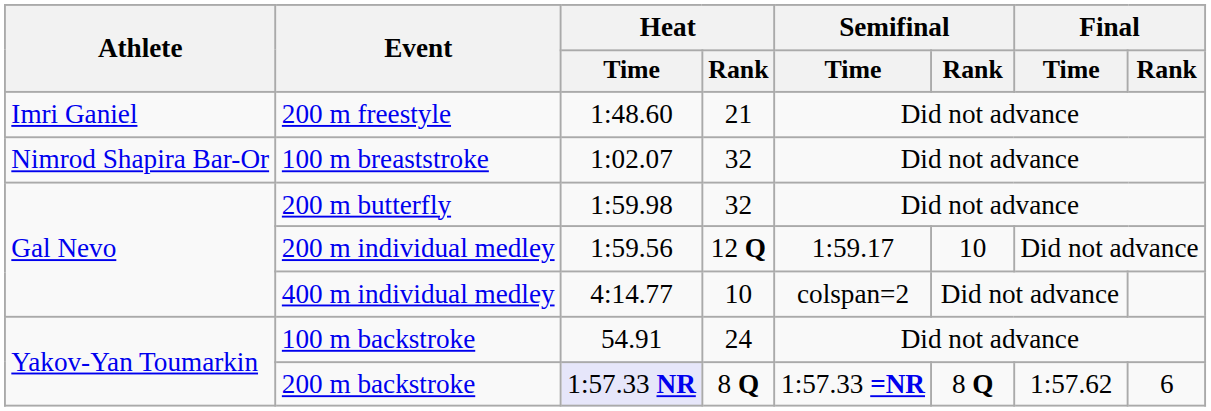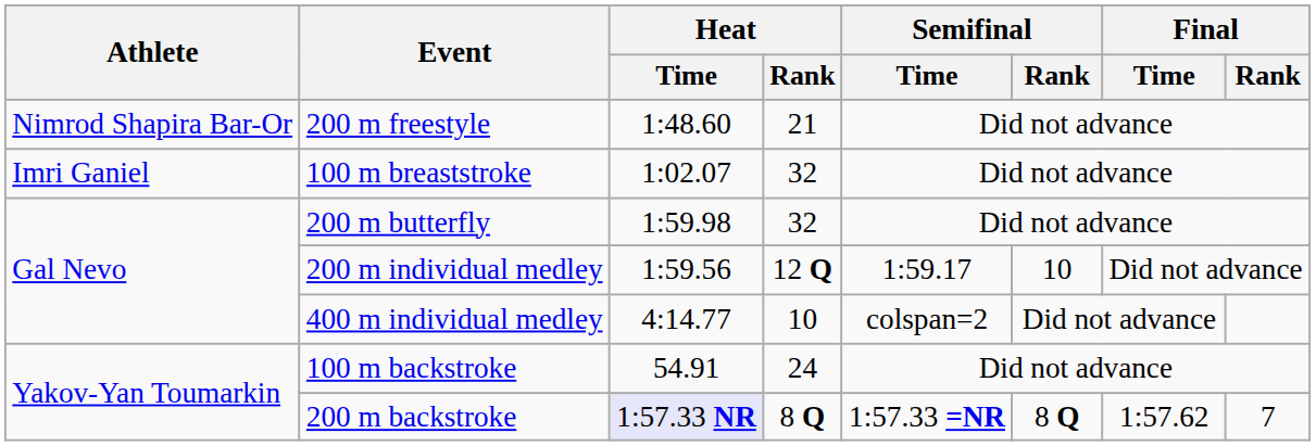 <table class=wikitable style="font-size:90%">
 <tr>
 <th rowspan="2">Athlete</th>
 <th rowspan="2">Event</th>
 <th colspan="2">Heat</th>
 <th colspan="2">Semifinal</th>
 <th colspan="2">Final</th>
 </tr>
 <tr style="font-size:95%">
 <th>Time</th>
 <th>Rank</th>
 <th>Time</th>
 <th>Rank</th>
 <th>Time</th>
 <th>Rank</th>
 </tr>
 <tr align=center>
-<td align=left><a href='#'>Imri Ganiel</a></td>
+<td align=left><a href='#'>Nimrod Shapira Bar-Or</a></td>
 <td align=left><a href='#'>200 m freestyle</a></td>
 <td>1:48.60</td>
 <td>21</td>
 <td colspan=4>Did not advance</td>
 </tr>
 <tr align=center>
-<td align=left><a href='#'>Nimrod Shapira Bar-Or</a></td>
+<td align=left><a href='#'>Imri Ganiel</a></td>
 <td align=left><a href='#'>100 m breaststroke</a></td>
 <td>1:02.07</td>
 <td>32</td>
 <td colspan=4>Did not advance</td>
 </tr>
 <tr align=center>
 <td align=left rowspan=3><a href='#'>Gal Nevo</a></td>
 <td align=left><a href='#'>200 m butterfly</a></td>
 <td>1:59.98</td>
 <td>32</td>
 <td colspan=4>Did not advance</td>
 </tr>
 <tr align=center>
 <td align=left><a href='#'>200 m individual medley</a></td>
 <td>1:59.56</td>
 <td>12 <strong>Q</strong></td>
 <td>1:59.17</td>
 <td>10</td>
 <td colspan=2>Did not advance</td>
 </tr>
 <tr align=center>
 <td align=left><a href='#'>400 m individual medley</a></td>
 <td>4:14.77</td>
 <td>10</td>
 <td>colspan=2 </td>
 <td colspan=2>Did not advance</td>
 </tr>
 <tr align=center>
 <td align=left rowspan=2><a href='#'>Yakov-Yan Toumarkin</a></td>
 <td align=left><a href='#'>100 m backstroke</a></td>
 <td>54.91</td>
 <td>24</td>
 <td colspan=4>Did not advance</td>
 </tr>
 <tr align=center>
 <td align=left><a href='#'>200 m backstroke</a></td>
 <td style="background: lavender;">1:57.33 <strong><a href='#'>NR</a></strong></td>
 <td>8 <strong>Q</strong></td>
 <td>1:57.33 <strong><a href='#'>=NR</a></strong></td>
 <td>8 <strong>Q</strong></td>
 <td>1:57.62</td>
-<td>6</td>
+<td>7</td>
 </tr>
 </table>
